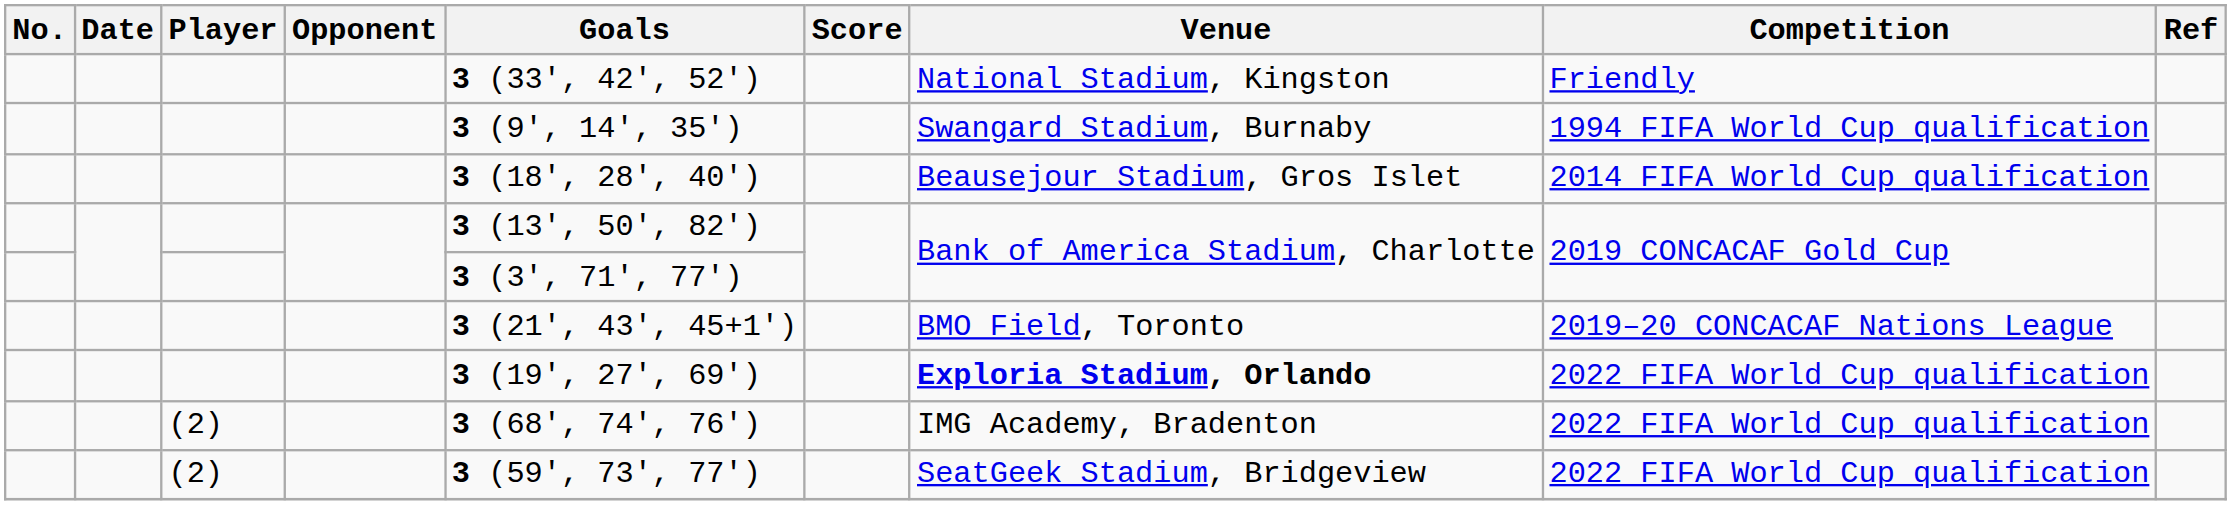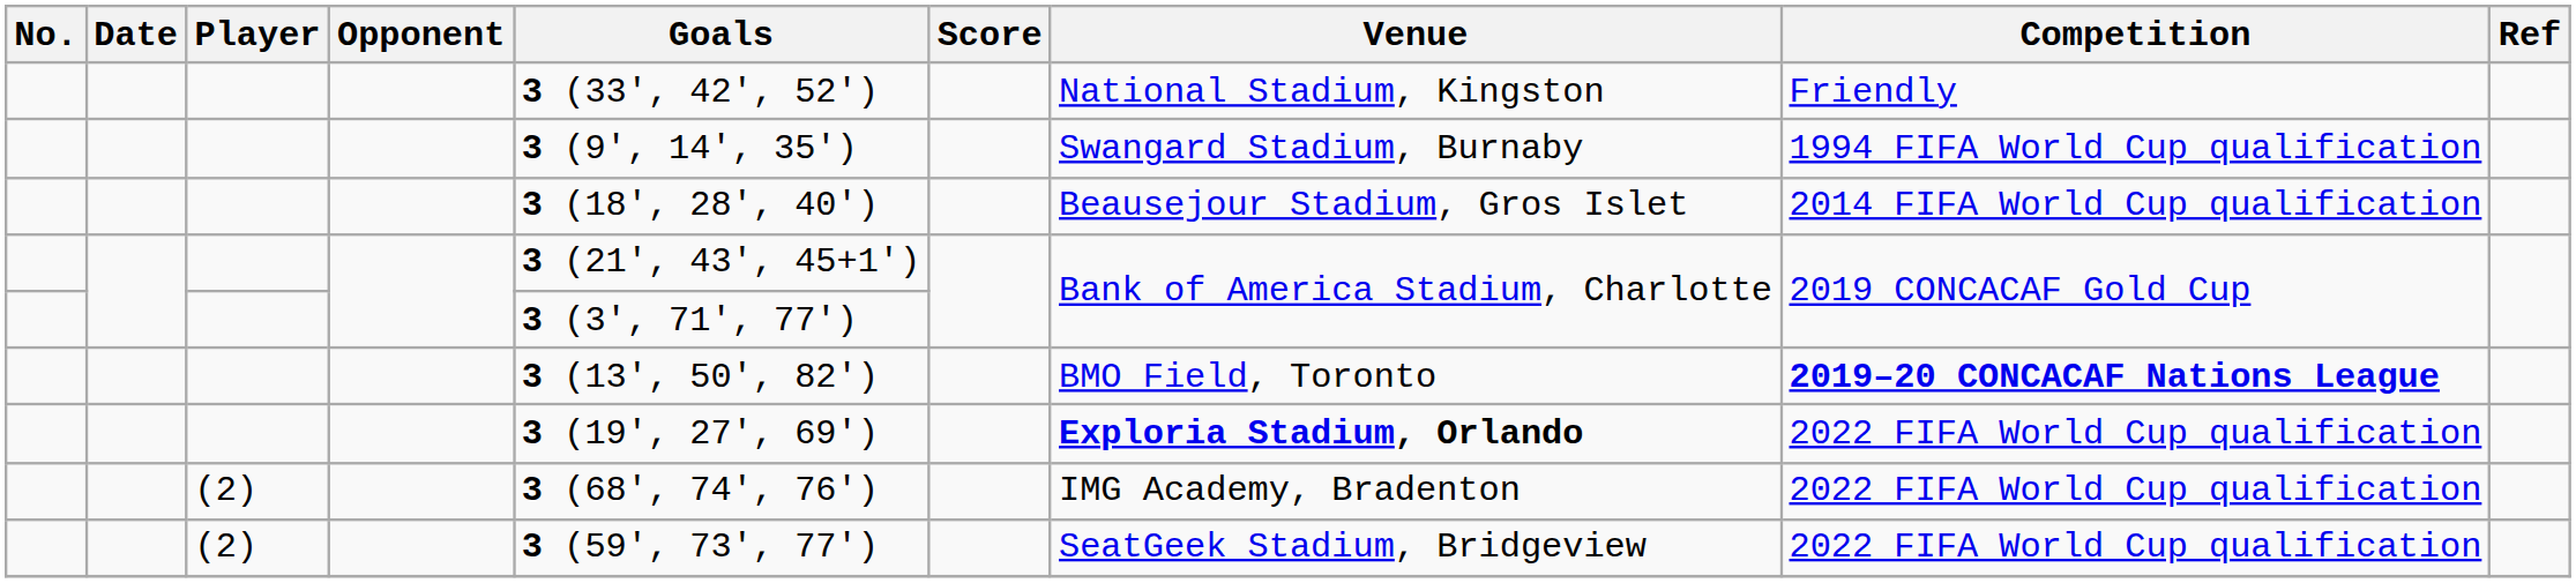 <table class="wikitable sortable">
 <tr>
 <th>No.</th>
 <th>Date</th>
 <th>Player</th>
 <th>Opponent</th>
 <th>Goals</th>
 <th>Score</th>
 <th>Venue</th>
 <th>Competition</th>
 <th class="unsortable">Ref</th>
 </tr>
 <tr>
 <td></td>
 <td></td>
 <td></td>
 <td></td>
 <td><strong>3</strong> (33', 42', 52')</td>
 <td></td>
 <td><a href='#'>National Stadium</a>, Kingston</td>
 <td><a href='#'>Friendly</a></td>
 <td></td>
 </tr>
 <tr>
 <td></td>
 <td></td>
 <td></td>
 <td></td>
 <td><strong>3</strong> (9', 14', 35')</td>
 <td></td>
 <td><a href='#'>Swangard Stadium</a>, Burnaby</td>
 <td><a href='#'>1994 FIFA World Cup qualification</a></td>
 <td></td>
 </tr>
 <tr>
 <td></td>
 <td></td>
 <td></td>
 <td></td>
 <td><strong>3</strong> (18', 28', 40')</td>
 <td></td>
 <td><a href='#'>Beausejour Stadium</a>, Gros Islet</td>
 <td><a href='#'>2014 FIFA World Cup qualification</a></td>
 <td></td>
 </tr>
 <tr>
 <td></td>
 <td rowspan=2></td>
 <td></td>
 <td rowspan=2></td>
-<td><strong>3</strong> (13', 50', 82')</td>
+<td><strong>3</strong> (21', 43', 45+1')</td>
 <td rowspan=2></td>
 <td rowspan=2><a href='#'>Bank of America Stadium</a>, Charlotte</td>
 <td rowspan=2><a href='#'>2019 CONCACAF Gold Cup</a></td>
 <td rowspan=2></td>
 </tr>
 <tr>
 <td></td>
 <td></td>
 <td><strong>3</strong> (3', 71', 77')</td>
 </tr>
 <tr>
 <td></td>
 <td></td>
 <td></td>
 <td></td>
-<td><strong>3</strong> (21', 43', 45+1')</td>
+<td><strong>3</strong> (13', 50', 82')</td>
 <td></td>
 <td><a href='#'>BMO Field</a>, Toronto</td>
-<td><a href='#'>2019–20 CONCACAF Nations League</a></td>
+<td><strong><a href='#'>2019–20 CONCACAF Nations League</a></strong></td>
 <td></td>
 </tr>
 <tr>
 <td></td>
 <td></td>
 <td></td>
 <td></td>
 <td><strong>3</strong> (19', 27', 69')</td>
 <td></td>
 <td><strong><a href='#'>Exploria Stadium</a>, Orlando</strong></td>
 <td><a href='#'>2022 FIFA World Cup qualification</a></td>
 <td></td>
 </tr>
 <tr>
 <td></td>
 <td></td>
 <td> (2)</td>
 <td></td>
 <td><strong>3</strong> (68', 74', 76')</td>
 <td></td>
 <td>IMG Academy, Bradenton</td>
 <td><a href='#'>2022 FIFA World Cup qualification</a></td>
 <td></td>
 </tr>
 <tr>
 <td></td>
 <td></td>
 <td> (2)</td>
 <td></td>
 <td><strong>3</strong> (59', 73', 77')</td>
 <td></td>
 <td><a href='#'>SeatGeek Stadium</a>, Bridgeview</td>
 <td><a href='#'>2022 FIFA World Cup qualification</a></td>
 <td></td>
 </tr>
 <tr>
 </tr>
 </table>
